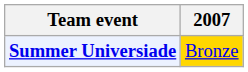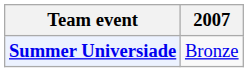 <table class="wikitable" style="font-size: 90%; text-align:center">
 <tr>
 <th>Team event</th>
 <th>2007</th>
 </tr>
 <tr>
 <td bgcolor="#ECF2FF"; align="left"><strong><a href='#'>Summer Universiade</a></strong></td>
-<td style="background: gold;"> <a href='#'>Bronze</a></td>
+<td> <a href='#'>Bronze</a></td>
 </tr>
 </table>
